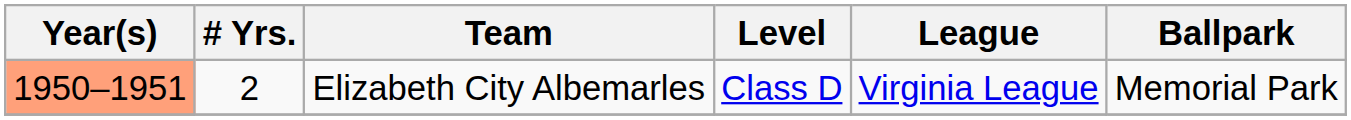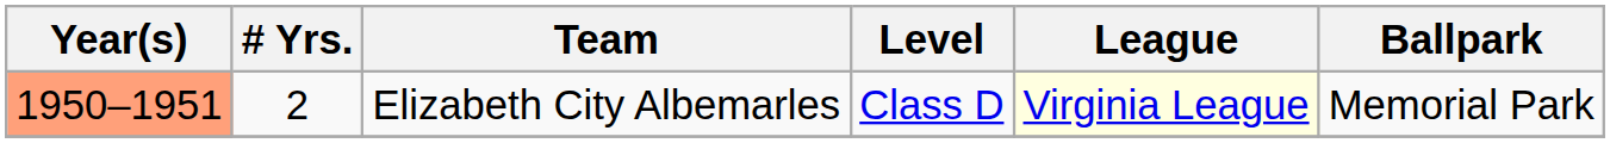 <table class="wikitable" style="text-align:center; font-size: 95%;">
 <tr>
 <th>Year(s)</th>
 <th># Yrs.</th>
 <th>Team</th>
 <th>Level</th>
 <th>League</th>
 <th>Ballpark</th>
 </tr>
 <tr>
 <td style="background: lightsalmon;">1950–1951</td>
 <td>2</td>
 <td>Elizabeth City Albemarles</td>
 <td><a href='#'>Class D</a></td>
-<td><a href='#'>Virginia League</a></td>
+<td style="background: lightyellow;"><a href='#'>Virginia League</a></td>
 <td>Memorial Park</td>
 </tr>
 <tr>
 </tr>
 </table>
